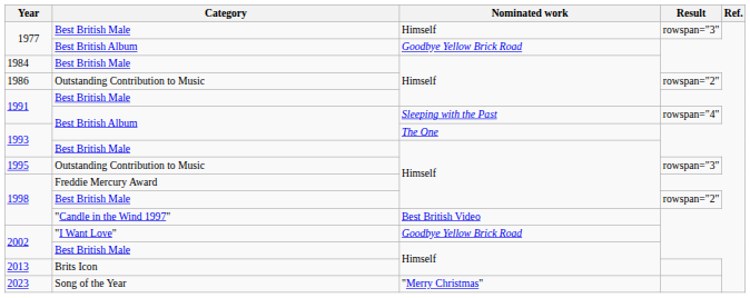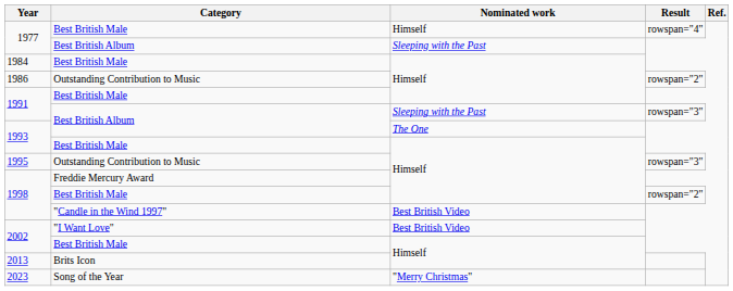 <table class=wikitable>
 <tr>
 <th scope="col" style="width:4em;">Year</th>
 <th scope="col" style="width:32em;">Category</th>
 <th scope="col" style="width:24em;">Nominated work</th>
 <th scope="col" style="width:5em;">Result</th>
 <th>Ref.</th>
 </tr>
 <tr>
 <td style="text-align:center;", rowspan="2">1977</td>
 <td><a href='#'>Best British Male</a></td>
 <td>Himself</td>
-<td>rowspan="3" </td>
+<td>rowspan="4" </td>
 </tr>
 <tr>
 <td><a href='#'>Best British Album</a></td>
-<td><em><a href='#'>Goodbye Yellow Brick Road</a></em></td>
+<td><em><a href='#'>Sleeping with the Past</a></em></td>
 </tr>
 <tr>
 <td>1984</td>
 <td rowspan="2"><a href='#'>Best British Male</a></td>
 <td rowspan="4">Himself</td>
 </tr>
 <tr>
 <td rowspan="2">1986</td>
 </tr>
 <tr>
 <td>Outstanding Contribution to Music</td>
 <td>rowspan="2" </td>
 </tr>
 <tr>
 <td rowspan="2"><a href='#'>1991</a></td>
 <td><a href='#'>Best British Male</a></td>
 </tr>
 <tr>
 <td rowspan="2"><a href='#'>Best British Album</a></td>
 <td><em><a href='#'>Sleeping with the Past</a></em></td>
-<td>rowspan="4" </td>
+<td>rowspan="3" </td>
 </tr>
 <tr>
 <td rowspan="2"><a href='#'>1993</a></td>
 <td><em><a href='#'>The One</a></em></td>
 </tr>
 <tr>
 <td><a href='#'>Best British Male</a></td>
 <td rowspan="4">Himself</td>
 </tr>
 <tr>
 <td><a href='#'>1995</a></td>
 <td>Outstanding Contribution to Music</td>
 <td>rowspan="3" </td>
 </tr>
 <tr>
 <td rowspan="3"><a href='#'>1998</a></td>
 <td>Freddie Mercury Award</td>
 </tr>
 <tr>
 <td><a href='#'>Best British Male</a></td>
 <td>rowspan="2" </td>
 </tr>
 <tr>
 <td>"<a href='#'>Candle in the Wind 1997</a>"</td>
 <td><a href='#'>Best British Video</a></td>
 </tr>
 <tr>
 <td rowspan="2"><a href='#'>2002</a></td>
 <td>"<a href='#'>I Want Love</a>"</td>
-<td><em><a href='#'>Goodbye Yellow Brick Road</a></em></td>
+<td><a href='#'>Best British Video</a></td>
 </tr>
 <tr>
 <td><a href='#'>Best British Male</a></td>
 <td rowspan="2">Himself</td>
 </tr>
 <tr>
 <td><a href='#'>2013</a></td>
 <td>Brits Icon</td>
 <td></td>
 </tr>
 <tr>
 <td><a href='#'>2023</a></td>
 <td>Song of the Year</td>
 <td>"<a href='#'>Merry Christmas</a>"</td>
 <td></td>
 </tr>
 </table>
